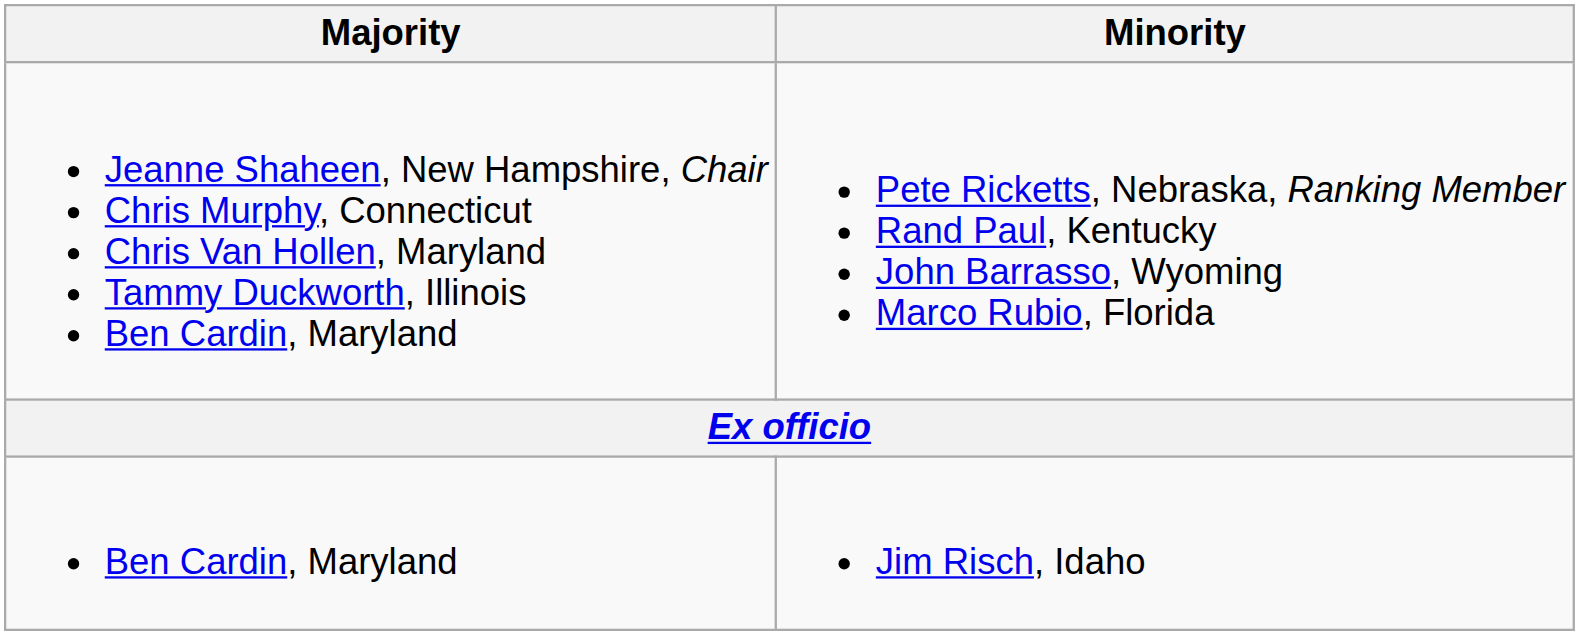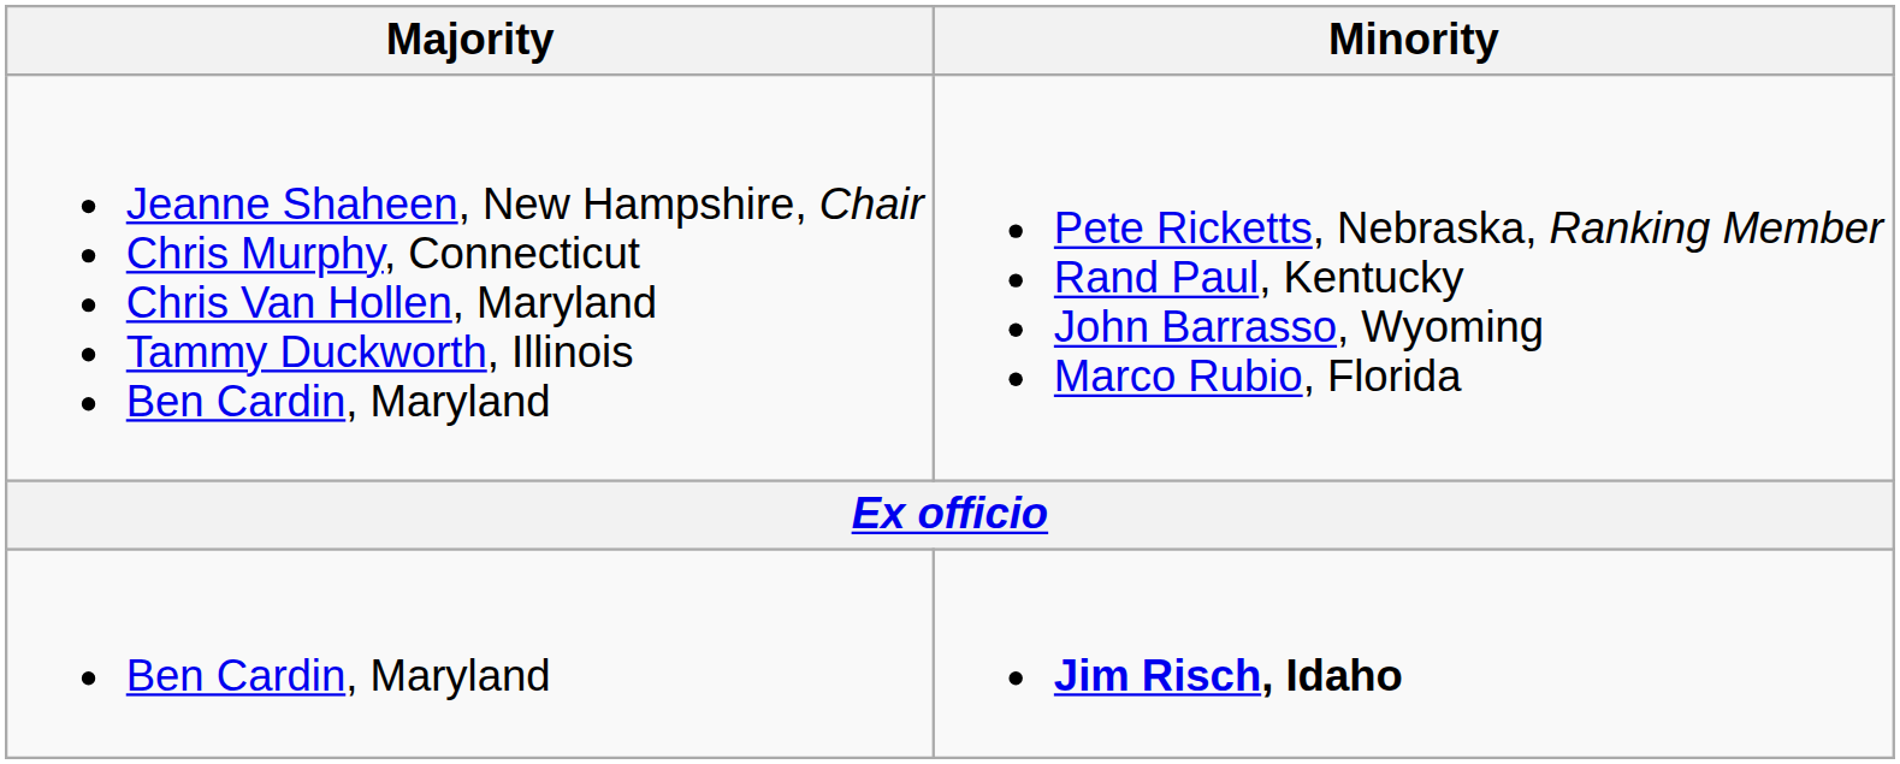 <table class=wikitable>
 <tr>
 <th>Majority</th>
 <th>Minority</th>
 </tr>
 <tr>
 <td><br><ul><li><a href='#'>Jeanne Shaheen</a>, New Hampshire, <em>Chair</em></li><li><a href='#'>Chris Murphy</a>, Connecticut</li><li><a href='#'>Chris Van Hollen</a>, Maryland</li><li><a href='#'>Tammy Duckworth</a>, Illinois</li><li><a href='#'>Ben Cardin</a>, Maryland</li></ul></td>
 <td><br><ul><li><a href='#'>Pete Ricketts</a>, Nebraska, <em>Ranking Member</em></li><li><a href='#'>Rand Paul</a>, Kentucky</li><li><a href='#'>John Barrasso</a>, Wyoming</li><li><a href='#'>Marco Rubio</a>, Florida</li></ul></td>
 </tr>
 <tr>
 <th colspan=2><em><a href='#'>Ex officio</a></em></th>
 </tr>
 <tr>
 <td><br><ul><li><a href='#'>Ben Cardin</a>, Maryland</li></ul></td>
-<td><br><ul><li><a href='#'>Jim Risch</a>, Idaho</li></ul></td>
+<td><strong><br><ul><li><a href='#'>Jim Risch</a>, Idaho</li></ul></strong></td>
 </tr>
 </table>
